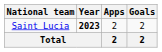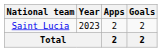 <table class="wikitable" style="text-align: center;">
 <tr>
 <th>National team</th>
 <th>Year</th>
 <th>Apps</th>
 <th>Goals</th>
 </tr>
 <tr>
 <td rowspan="1"><a href='#'>Saint Lucia</a></td>
-<td><strong>2023</strong></td>
+<td>2023</td>
 <td>2</td>
 <td>2</td>
 </tr>
 <tr>
 <th colspan="2">Total</th>
 <th>2</th>
 <th>2</th>
 </tr>
 </table>
